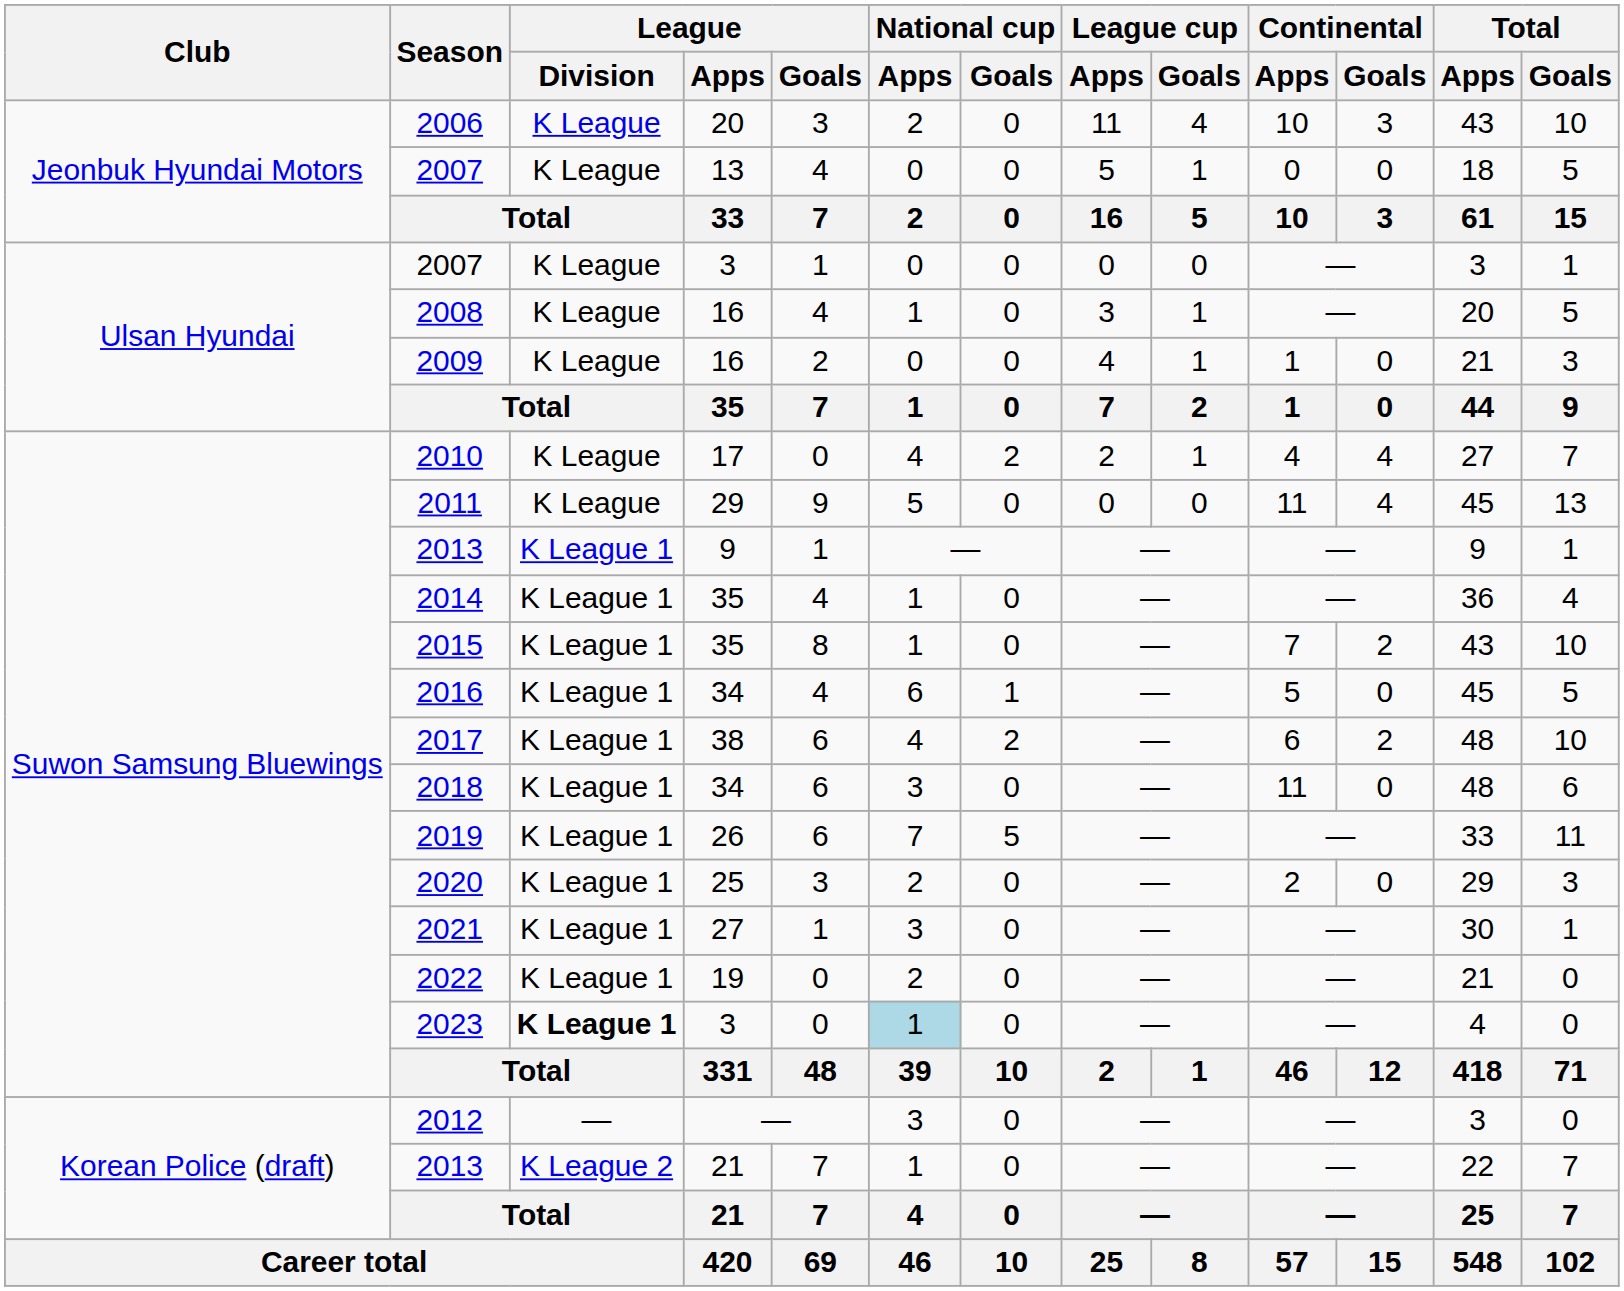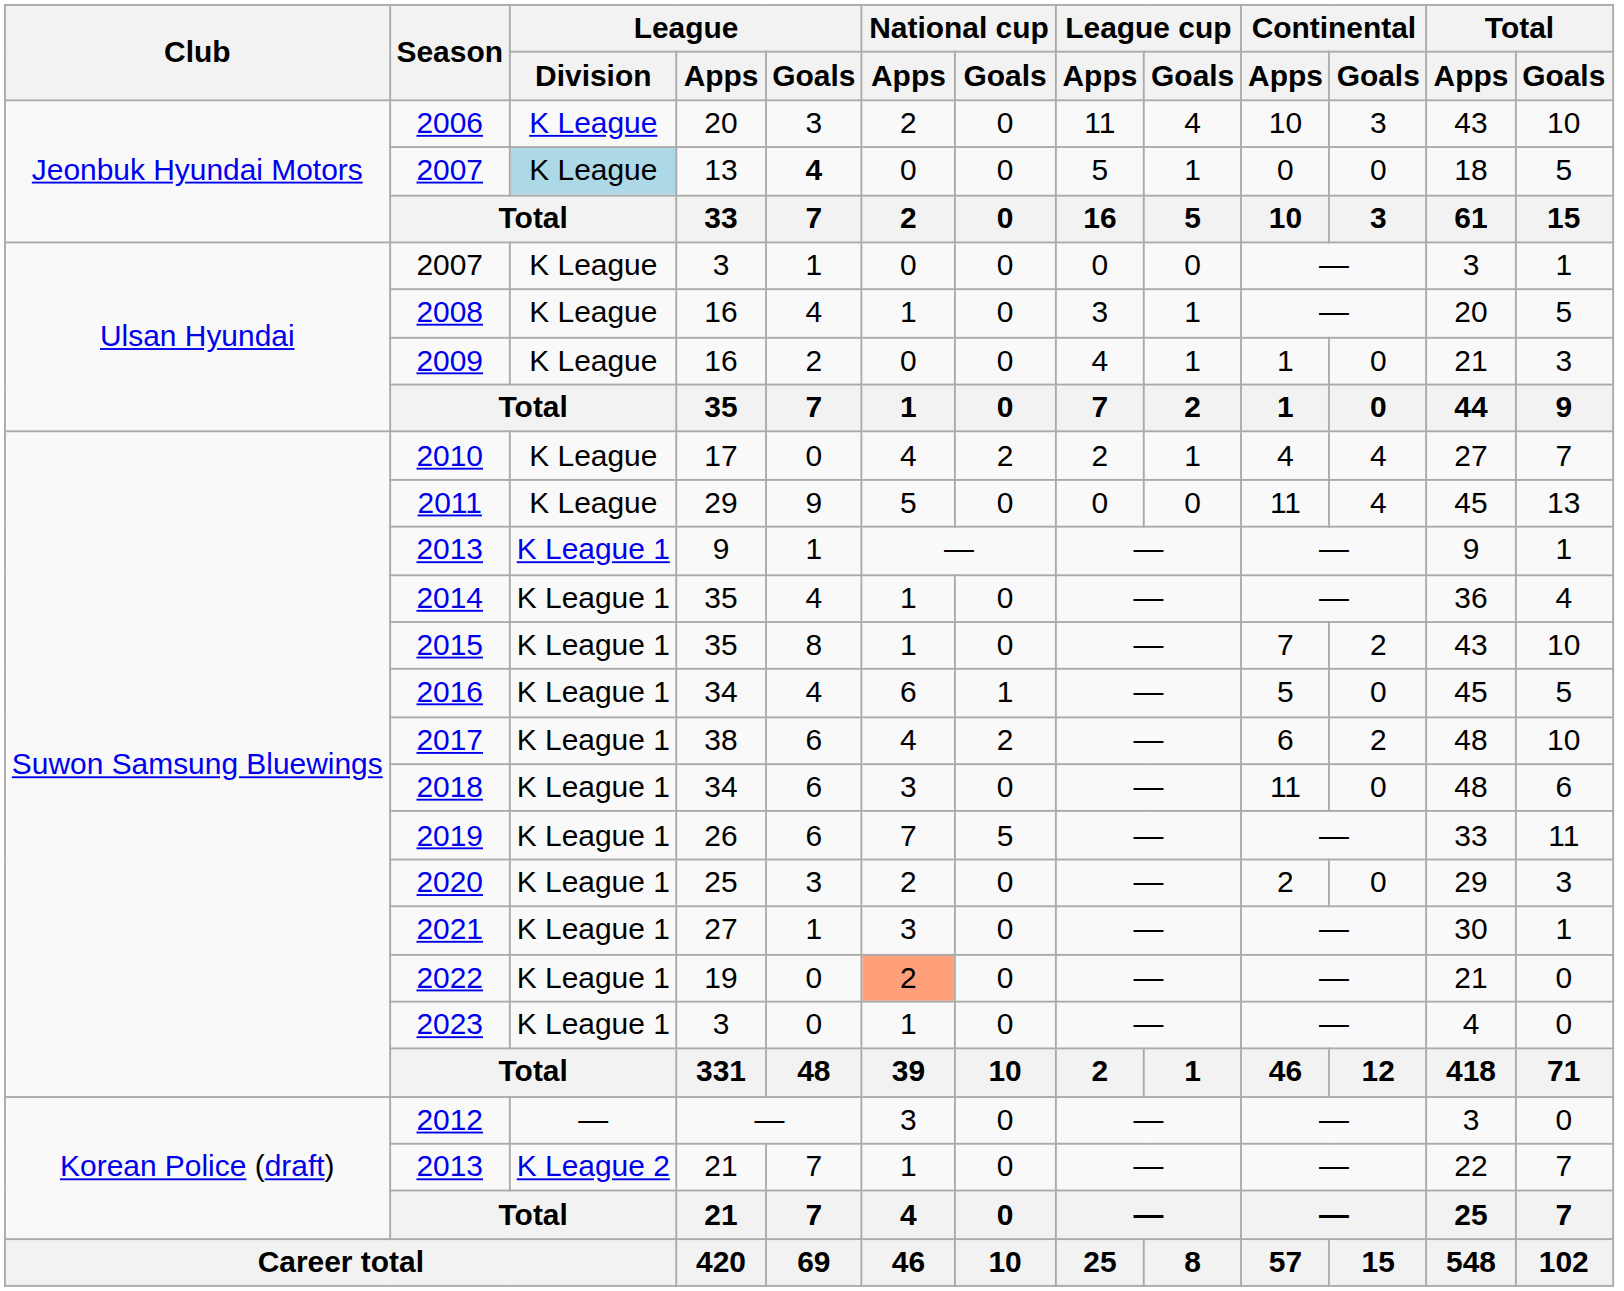 <table class="wikitable" style="text-align:center">
 <tr>
 <th rowspan=2>Club</th>
 <th rowspan=2>Season</th>
 <th colspan=3>League</th>
 <th colspan=2>National cup</th>
 <th colspan=2>League cup</th>
 <th colspan=2>Continental</th>
 <th colspan=2>Total</th>
 </tr>
 <tr>
 <th>Division</th>
 <th>Apps</th>
 <th>Goals</th>
 <th>Apps</th>
 <th>Goals</th>
 <th>Apps</th>
 <th>Goals</th>
 <th>Apps</th>
 <th>Goals</th>
 <th>Apps</th>
 <th>Goals</th>
 </tr>
 <tr>
 <td rowspan="3"><a href='#'>Jeonbuk Hyundai Motors</a></td>
 <td><a href='#'>2006</a></td>
 <td><a href='#'>K League</a></td>
 <td>20</td>
 <td>3</td>
 <td>2</td>
 <td>0</td>
 <td>11</td>
 <td>4</td>
 <td>10</td>
 <td>3</td>
 <td>43</td>
 <td>10</td>
 </tr>
 <tr>
 <td><a href='#'>2007</a></td>
-<td>K League</td>
+<td style="background: lightblue;">K League</td>
 <td>13</td>
-<td>4</td>
+<td><strong>4</strong></td>
 <td>0</td>
 <td>0</td>
 <td>5</td>
 <td>1</td>
 <td>0</td>
 <td>0</td>
 <td>18</td>
 <td>5</td>
 </tr>
 <tr>
 <th colspan="2">Total</th>
 <th>33</th>
 <th>7</th>
 <th>2</th>
 <th>0</th>
 <th>16</th>
 <th>5</th>
 <th>10</th>
 <th>3</th>
 <th>61</th>
 <th>15</th>
 </tr>
 <tr>
 <td rowspan="4"><a href='#'>Ulsan Hyundai</a></td>
 <td>2007</td>
 <td>K League</td>
 <td>3</td>
 <td>1</td>
 <td>0</td>
 <td>0</td>
 <td>0</td>
 <td>0</td>
 <td colspan="2">—</td>
 <td>3</td>
 <td>1</td>
 </tr>
 <tr>
 <td><a href='#'>2008</a></td>
 <td>K League</td>
 <td>16</td>
 <td>4</td>
 <td>1</td>
 <td>0</td>
 <td>3</td>
 <td>1</td>
 <td colspan="2">—</td>
 <td>20</td>
 <td>5</td>
 </tr>
 <tr>
 <td><a href='#'>2009</a></td>
 <td>K League</td>
 <td>16</td>
 <td>2</td>
 <td>0</td>
 <td>0</td>
 <td>4</td>
 <td>1</td>
 <td>1</td>
 <td>0</td>
 <td>21</td>
 <td>3</td>
 </tr>
 <tr>
 <th colspan="2">Total</th>
 <th>35</th>
 <th>7</th>
 <th>1</th>
 <th>0</th>
 <th>7</th>
 <th>2</th>
 <th>1</th>
 <th>0</th>
 <th>44</th>
 <th>9</th>
 </tr>
 <tr>
 <td rowspan="14"><a href='#'>Suwon Samsung Bluewings</a></td>
 <td><a href='#'>2010</a></td>
 <td>K League</td>
 <td>17</td>
 <td>0</td>
 <td>4</td>
 <td>2</td>
 <td>2</td>
 <td>1</td>
 <td>4</td>
 <td>4</td>
 <td>27</td>
 <td>7</td>
 </tr>
 <tr>
 <td><a href='#'>2011</a></td>
 <td>K League</td>
 <td>29</td>
 <td>9</td>
 <td>5</td>
 <td>0</td>
 <td>0</td>
 <td>0</td>
 <td>11</td>
 <td>4</td>
 <td>45</td>
 <td>13</td>
 </tr>
 <tr>
 <td><a href='#'>2013</a></td>
 <td><a href='#'>K League 1</a></td>
 <td>9</td>
 <td>1</td>
 <td colspan="2">—</td>
 <td colspan="2">—</td>
 <td colspan="2">—</td>
 <td>9</td>
 <td>1</td>
 </tr>
 <tr>
 <td><a href='#'>2014</a></td>
 <td>K League 1</td>
 <td>35</td>
 <td>4</td>
 <td>1</td>
 <td>0</td>
 <td colspan="2">—</td>
 <td colspan="2">—</td>
 <td>36</td>
 <td>4</td>
 </tr>
 <tr>
 <td><a href='#'>2015</a></td>
 <td>K League 1</td>
 <td>35</td>
 <td>8</td>
 <td>1</td>
 <td>0</td>
 <td colspan="2">—</td>
 <td>7</td>
 <td>2</td>
 <td>43</td>
 <td>10</td>
 </tr>
 <tr>
 <td><a href='#'>2016</a></td>
 <td>K League 1</td>
 <td>34</td>
 <td>4</td>
 <td>6</td>
 <td>1</td>
 <td colspan="2">—</td>
 <td>5</td>
 <td>0</td>
 <td>45</td>
 <td>5</td>
 </tr>
 <tr>
 <td><a href='#'>2017</a></td>
 <td>K League 1</td>
 <td>38</td>
 <td>6</td>
 <td>4</td>
 <td>2</td>
 <td colspan="2">—</td>
 <td>6</td>
 <td>2</td>
 <td>48</td>
 <td>10</td>
 </tr>
 <tr>
 <td><a href='#'>2018</a></td>
 <td>K League 1</td>
 <td>34</td>
 <td>6</td>
 <td>3</td>
 <td>0</td>
 <td colspan="2">—</td>
 <td>11</td>
 <td>0</td>
 <td>48</td>
 <td>6</td>
 </tr>
 <tr>
 <td><a href='#'>2019</a></td>
 <td>K League 1</td>
 <td>26</td>
 <td>6</td>
 <td>7</td>
 <td>5</td>
 <td colspan="2">—</td>
 <td colspan="2">—</td>
 <td>33</td>
 <td>11</td>
 </tr>
 <tr>
 <td><a href='#'>2020</a></td>
 <td>K League 1</td>
 <td>25</td>
 <td>3</td>
 <td>2</td>
 <td>0</td>
 <td colspan="2">—</td>
 <td>2</td>
 <td>0</td>
 <td>29</td>
 <td>3</td>
 </tr>
 <tr>
 <td><a href='#'>2021</a></td>
 <td>K League 1</td>
 <td>27</td>
 <td>1</td>
 <td>3</td>
 <td>0</td>
 <td colspan="2">—</td>
 <td colspan="2">—</td>
 <td>30</td>
 <td>1</td>
 </tr>
 <tr>
 <td><a href='#'>2022</a></td>
 <td>K League 1</td>
 <td>19</td>
 <td>0</td>
-<td>2</td>
+<td style="background: lightsalmon;">2</td>
 <td>0</td>
 <td colspan="2">—</td>
 <td colspan="2">—</td>
 <td>21</td>
 <td>0</td>
 </tr>
 <tr>
 <td><a href='#'>2023</a></td>
-<td><strong>K League 1</strong></td>
+<td>K League 1</td>
 <td>3</td>
 <td>0</td>
-<td style="background: lightblue;">1</td>
+<td>1</td>
 <td>0</td>
 <td colspan="2">—</td>
 <td colspan="2">—</td>
 <td>4</td>
 <td>0</td>
 </tr>
 <tr>
 <th colspan="2">Total</th>
 <th>331</th>
 <th>48</th>
 <th>39</th>
 <th>10</th>
 <th>2</th>
 <th>1</th>
 <th>46</th>
 <th>12</th>
 <th>418</th>
 <th>71</th>
 </tr>
 <tr>
 <td rowspan="3"><a href='#'>Korean Police</a> (<a href='#'>draft</a>)</td>
 <td><a href='#'>2012</a></td>
 <td>—</td>
 <td colspan="2">—</td>
 <td>3</td>
 <td>0</td>
 <td colspan="2">—</td>
 <td colspan="2">—</td>
 <td>3</td>
 <td>0</td>
 </tr>
 <tr>
 <td><a href='#'>2013</a></td>
 <td><a href='#'>K League 2</a></td>
 <td>21</td>
 <td>7</td>
 <td>1</td>
 <td>0</td>
 <td colspan="2">—</td>
 <td colspan="2">—</td>
 <td>22</td>
 <td>7</td>
 </tr>
 <tr>
 <th colspan="2">Total</th>
 <th>21</th>
 <th>7</th>
 <th>4</th>
 <th>0</th>
 <th colspan="2">—</th>
 <th colspan="2">—</th>
 <th>25</th>
 <th>7</th>
 </tr>
 <tr>
 <th colspan="3">Career total</th>
 <th>420</th>
 <th>69</th>
 <th>46</th>
 <th>10</th>
 <th>25</th>
 <th>8</th>
 <th>57</th>
 <th>15</th>
 <th>548</th>
 <th>102</th>
 </tr>
 </table>
